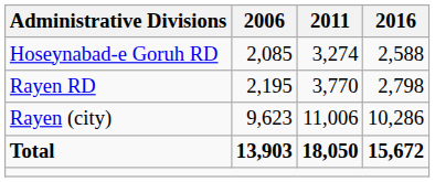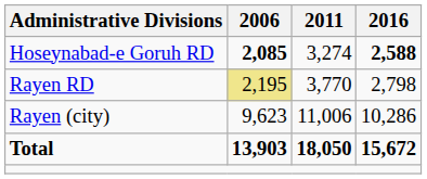 <table class="wikitable">
 <tr>
 <th>Administrative Divisions</th>
 <th>2006</th>
 <th>2011</th>
 <th>2016</th>
 </tr>
 <tr>
 <td><a href='#'>Hoseynabad-e Goruh RD</a></td>
-<td style="text-align: right;">2,085</td>
+<td style="text-align: right;"><strong>2,085</strong></td>
 <td style="text-align: right;">3,274</td>
-<td style="text-align: right;">2,588</td>
+<td style="text-align: right;"><strong>2,588</strong></td>
 </tr>
 <tr>
 <td><a href='#'>Rayen RD</a></td>
-<td style="text-align: right;">2,195</td>
+<td style="background: khaki; text-align: right;">2,195</td>
 <td style="text-align: right;">3,770</td>
 <td style="text-align: right;">2,798</td>
 </tr>
 <tr>
 <td><a href='#'>Rayen</a> (city)</td>
 <td style="text-align: right;">9,623</td>
 <td style="text-align: right;">11,006</td>
 <td style="text-align: right;">10,286</td>
 </tr>
 <tr>
 <td><strong>Total</strong></td>
 <td style="text-align: right;"><strong>13,903</strong></td>
 <td style="text-align: right;"><strong>18,050</strong></td>
 <td style="text-align: right;"><strong>15,672</strong></td>
 </tr>
 <tr>
 <td colspan=4></td>
 </tr>
 </table>
